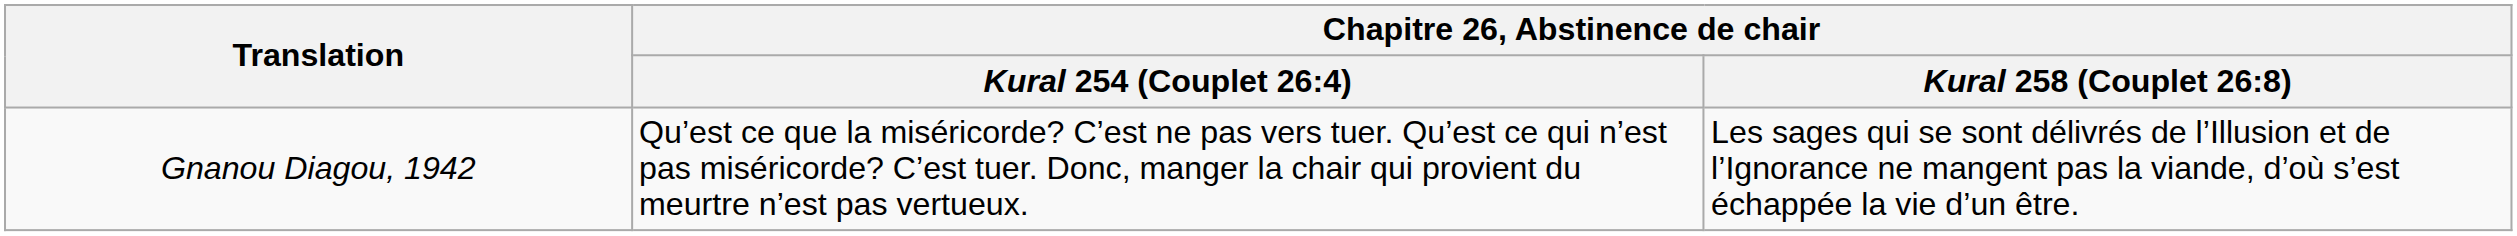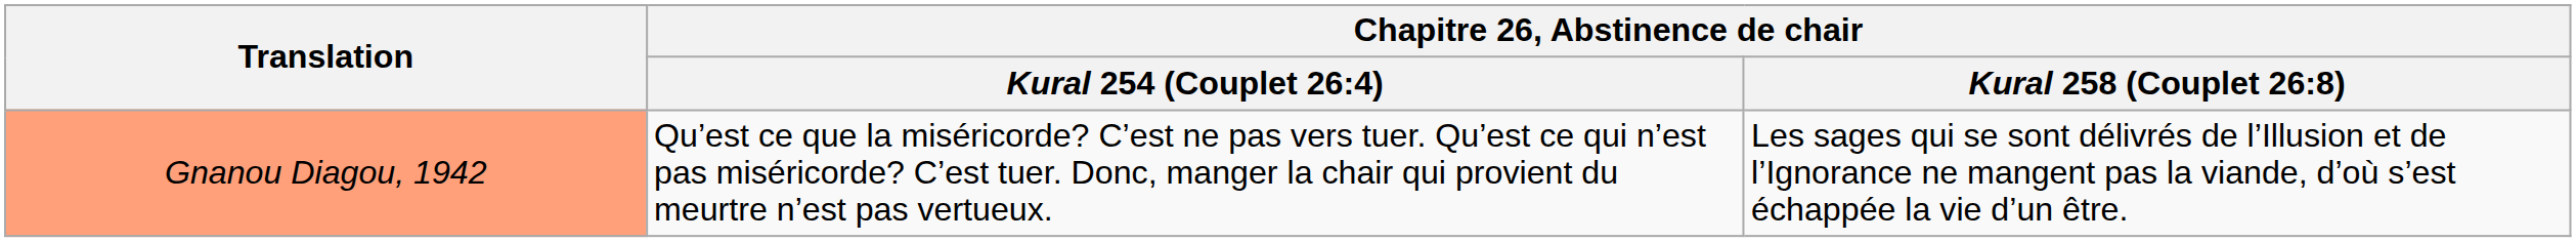 <table class="wikitable">
 <tr>
 <th style="text-align:center; width:25%;" rowspan="2">Translation</th>
 <th colspan="2">Chapitre 26, Abstinence de chair</th>
 </tr>
 <tr>
 <th><em>Kural</em> 254 (Couplet 26:4)</th>
 <th><em>Kural</em> 258 (Couplet 26:8)</th>
 </tr>
 <tr>
-<td style="text-align:center;"><em>Gnanou Diagou, 1942</em></td>
+<td style="background: lightsalmon; text-align:center;"><em>Gnanou Diagou, 1942</em></td>
 <td>Qu’est ce que la miséricorde? C’est ne pas vers tuer. Qu’est ce qui n’est pas miséricorde? C’est tuer. Donc, manger la chair qui provient du meurtre n’est pas vertueux.</td>
 <td>Les sages qui se sont délivrés de l’Illusion et de l’Ignorance ne mangent pas la viande, d’où s’est échappée la vie d’un être.</td>
 </tr>
 </table>
